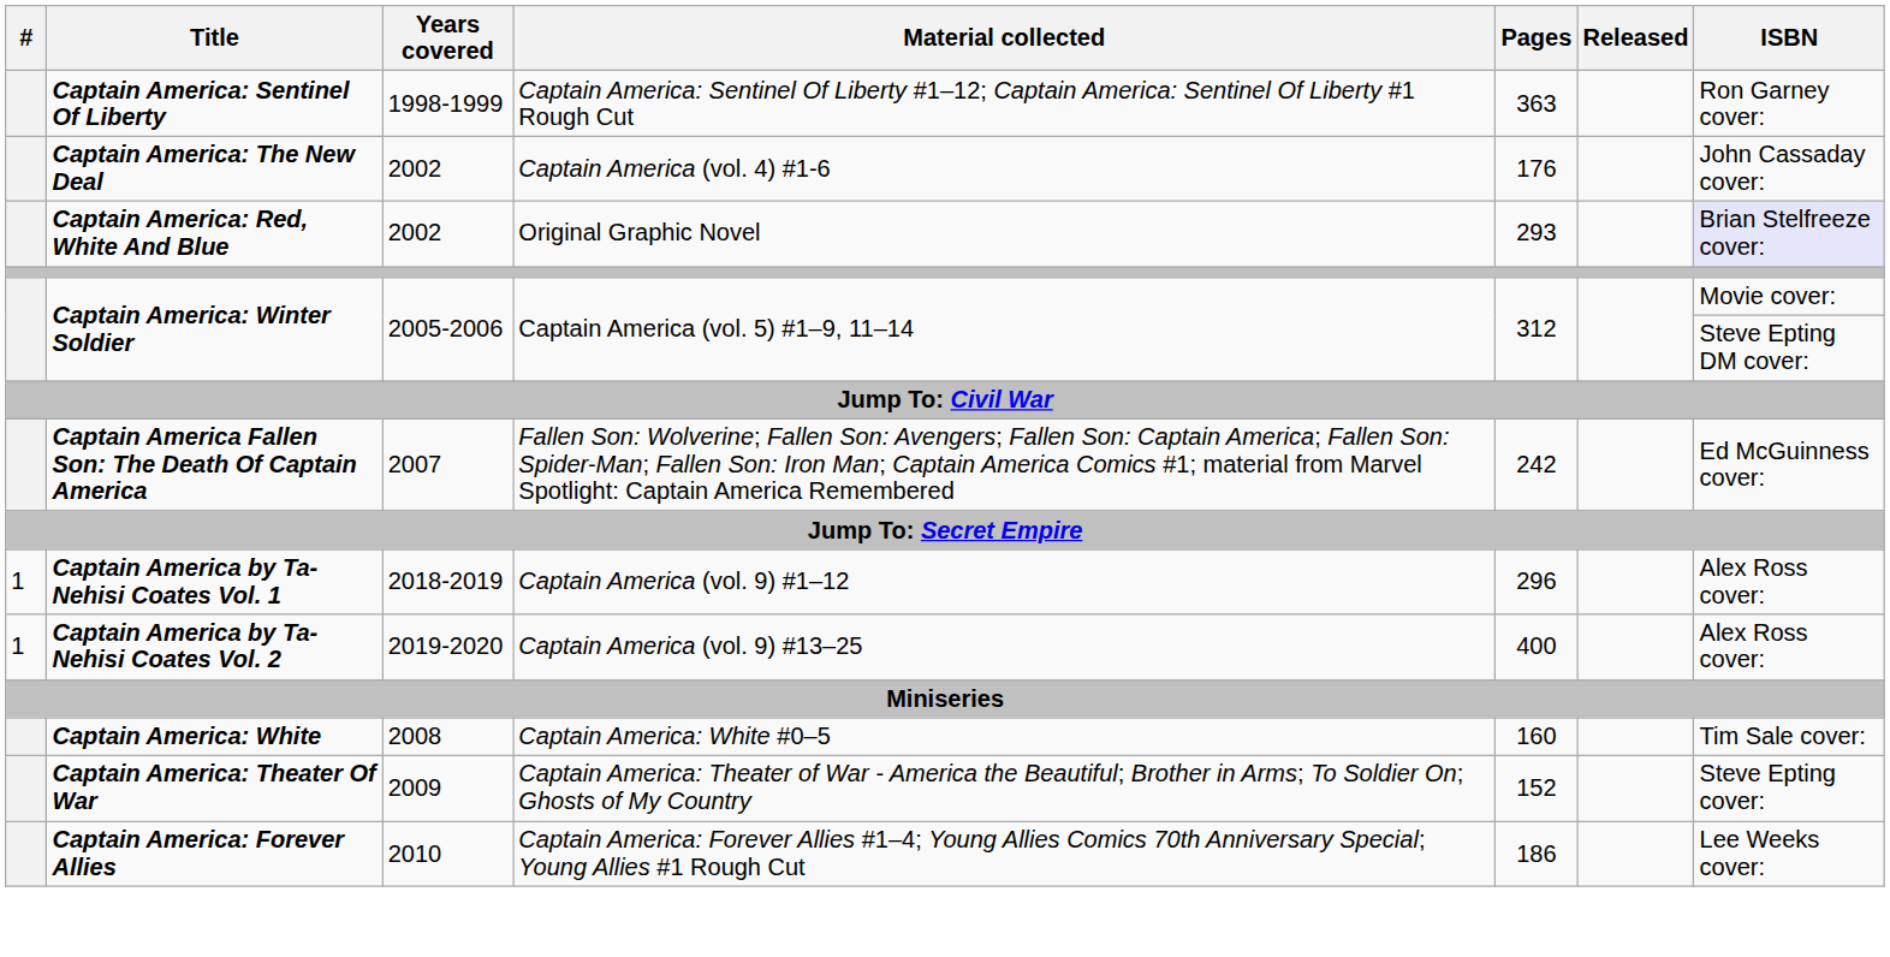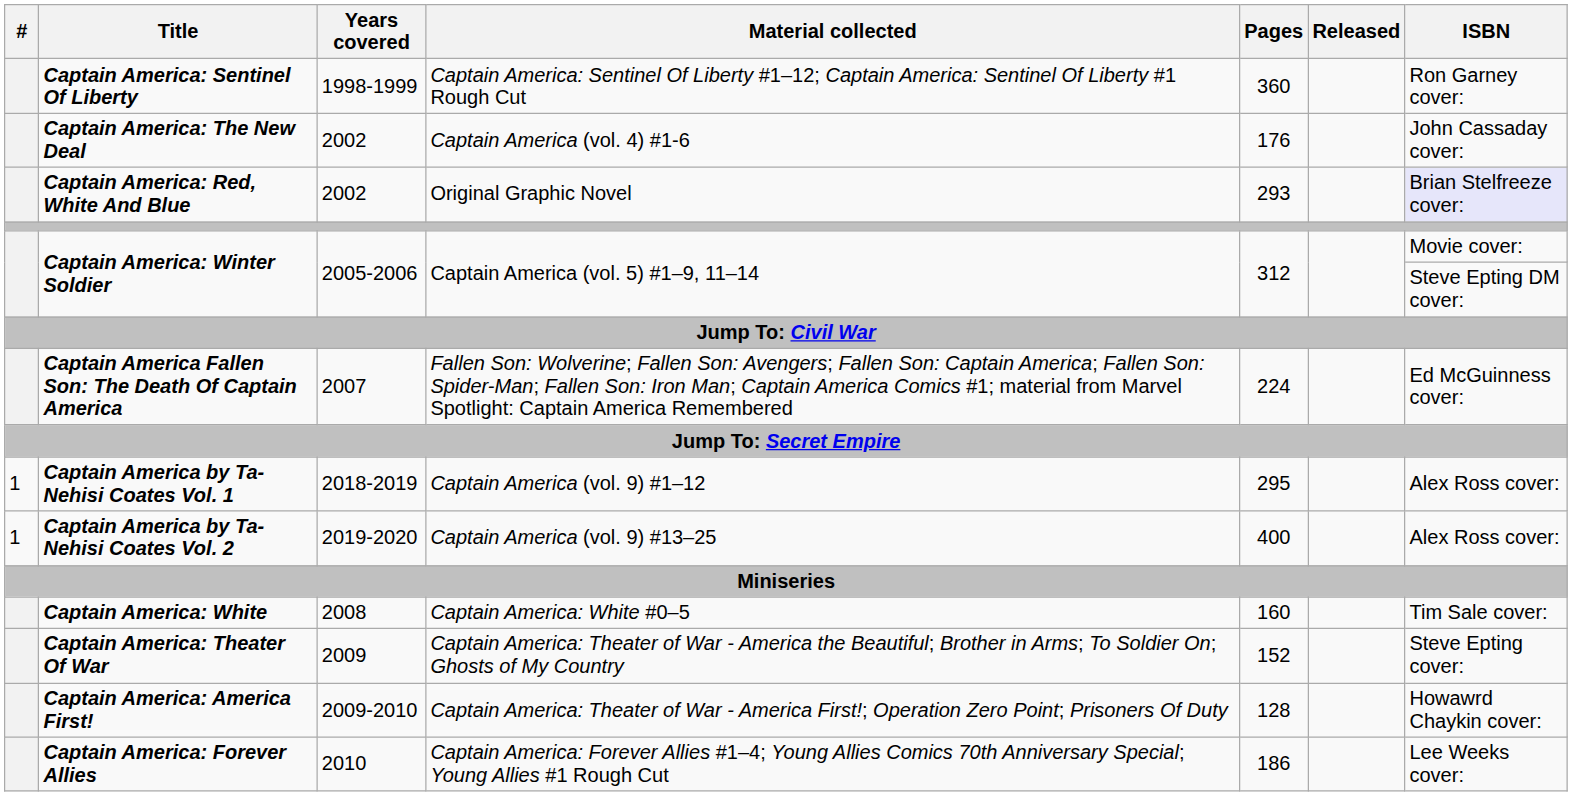 <table class="wikitable sortable" width=99%>
 <tr>
 <th class="unsortable" width=20px>#</th>
 <th>Title</th>
 <th>Years covered</th>
 <th class="unsortable">Material collected</th>
 <th>Pages</th>
 <th>Released</th>
 <th class="unsortable">ISBN</th>
 </tr>
 <tr>
 <th style="background-color: light grey;"></th>
 <td><strong><em>Captain America: Sentinel Of Liberty</em></strong></td>
 <td>1998-1999</td>
 <td><em>Captain America: Sentinel Of Liberty</em> #1–12; <em>Captain America: Sentinel Of Liberty</em> #1 Rough Cut</td>
-<td style="text-align: center;">363</td>
+<td style="text-align: center;">360</td>
 <td></td>
 <td>Ron Garney cover: </td>
 </tr>
 <tr>
 <th style="background-color: light grey;"></th>
 <td><strong><em>Captain America: The New Deal</em></strong></td>
 <td>2002</td>
 <td><em>Captain America</em> (vol. 4) #1-6</td>
 <td style="text-align: center;">176</td>
 <td></td>
 <td>John Cassaday cover: </td>
 </tr>
 <tr>
 <th style="background-color: light grey;"></th>
 <td><strong><em>Captain America: Red, White And Blue</em></strong></td>
 <td>2002</td>
 <td>Original Graphic Novel</td>
 <td style="text-align: center;">293</td>
 <td></td>
 <td style="background: lavender;">Brian Stelfreeze cover: </td>
 </tr>
 <tr>
 <th colspan=7 style="background-color: silver;"></th>
 </tr>
 <tr>
 <th style="background-color: light grey;" rowspan=2></th>
 <td rowspan="2"><strong><em>Captain America: Winter Soldier</em></strong></td>
 <td rowspan="2">2005-2006</td>
 <td rowspan="2">Captain America (vol. 5) #1–9, 11–14</td>
 <td rowspan="2" style="text-align: center;">312</td>
 <td rowspan="2"></td>
 <td>Movie cover: </td>
 </tr>
 <tr>
 <td>Steve Epting DM cover: </td>
 </tr>
 <tr>
 <th colspan=7 style="background-color: silver;">Jump To: <a href='#'><em>Civil War</em></a></th>
 </tr>
 <tr>
 <th style="background-color: light grey;"></th>
 <td><strong><em>Captain America Fallen Son: The Death Of Captain America</em></strong></td>
 <td>2007</td>
 <td><em>Fallen Son: Wolverine</em>; <em>Fallen Son: Avengers</em>; <em>Fallen Son: Captain America</em>; <em>Fallen Son: Spider-Man</em>; <em>Fallen Son: Iron Man</em>; <em>Captain America Comics</em> #1; material from Marvel Spotlight: Captain America Remembered</td>
-<td style="text-align: center;">242</td>
+<td style="text-align: center;">224</td>
 <td></td>
 <td>Ed McGuinness cover: </td>
 </tr>
 <tr>
 <th colspan=7 style="background-color: silver;">Jump To: <a href='#'><em>Secret Empire</em></a></th>
 </tr>
 <tr>
 <td>1</td>
 <td><strong><em>Captain America by Ta-Nehisi Coates Vol. 1</em></strong></td>
 <td>2018-2019</td>
 <td><em>Captain America</em> (vol. 9) #1–12</td>
-<td style="text-align: center;">296</td>
+<td style="text-align: center;">295</td>
 <td></td>
 <td>Alex Ross cover: </td>
 </tr>
 <tr>
 <td>1</td>
 <td><strong><em>Captain America by Ta-Nehisi Coates Vol. 2</em></strong></td>
 <td>2019-2020</td>
 <td><em>Captain America</em> (vol. 9) #13–25</td>
 <td style="text-align: center;">400</td>
 <td></td>
 <td>Alex Ross cover: </td>
 </tr>
 <tr>
 <th colspan=7 style="background-color: silver;">Miniseries</th>
 </tr>
 <tr>
 <th style="background-color: light grey;"></th>
 <td><strong><em>Captain America: White</em></strong></td>
 <td>2008</td>
 <td><em>Captain America: White</em> #0–5</td>
 <td style="text-align: center;">160</td>
 <td></td>
 <td>Tim Sale cover: </td>
 </tr>
 <tr>
 <th style="background-color: light grey;"></th>
 <td><strong><em>Captain America: Theater Of War</em></strong></td>
 <td>2009</td>
 <td><em>Captain America: Theater of War - America the Beautiful</em>; <em>Brother in Arms</em>; <em>To Soldier On</em>; <em>Ghosts of My Country</em></td>
 <td style="text-align: center;">152</td>
 <td></td>
 <td>Steve Epting cover: </td>
 </tr>
 <tr>
 <th style="background-color: light grey;"></th>
+<td><strong><em>Captain America: America First!</em></strong></td>
+<td>2009-2010</td>
+<td><em>Captain America: Theater of War - America First!</em>; <em>Operation Zero Point</em>; <em>Prisoners Of Duty</em></td>
+<td style="text-align: center;">128</td>
+<td></td>
+<td>Howawrd Chaykin cover: </td>
+</tr>
+<tr>
+<th style="background-color: light grey;"></th>
 <td><strong><em>Captain America: Forever Allies</em></strong></td>
 <td>2010</td>
 <td><em>Captain America: Forever Allies</em> #1–4; <em>Young Allies Comics 70th Anniversary Special</em>; <em>Young Allies</em> #1 Rough Cut</td>
 <td style="text-align: center;">186</td>
 <td></td>
 <td>Lee Weeks cover: </td>
 </tr>
 </table>
